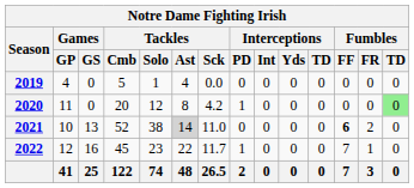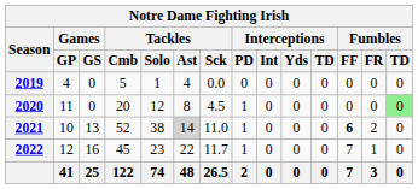 <table class="wikitable" style="text-align:center;">
 <tr>
 <th colspan="14">Notre Dame Fighting Irish</th>
 </tr>
 <tr>
 <th rowspan="2">Season</th>
 <th colspan="2">Games</th>
 <th colspan="4">Tackles</th>
 <th colspan="4">Interceptions</th>
 <th colspan="3">Fumbles</th>
 </tr>
 <tr>
 <th>GP</th>
 <th>GS</th>
 <th>Cmb</th>
 <th>Solo</th>
 <th>Ast</th>
 <th>Sck</th>
 <th>PD</th>
 <th>Int</th>
 <th>Yds</th>
 <th>TD</th>
 <th>FF</th>
 <th>FR</th>
 <th>TD</th>
 </tr>
 <tr>
 <th><a href='#'>2019</a></th>
 <td>4</td>
 <td>0</td>
 <td>5</td>
 <td>1</td>
 <td>4</td>
 <td>0.0</td>
 <td>0</td>
 <td>0</td>
 <td>0</td>
 <td>0</td>
 <td>0</td>
 <td>0</td>
 <td>0</td>
 </tr>
 <tr>
 <th><a href='#'>2020</a></th>
 <td>11</td>
 <td>0</td>
 <td>20</td>
 <td>12</td>
 <td>8</td>
-<td>4.2</td>
+<td>4.5</td>
 <td>1</td>
 <td>0</td>
 <td>0</td>
 <td>0</td>
 <td>0</td>
 <td>0</td>
 <td style="background: lightgreen;">0</td>
 </tr>
 <tr>
 <th><a href='#'>2021</a></th>
 <td>10</td>
 <td>13</td>
 <td>52</td>
 <td>38</td>
 <td style="background: lightgrey;">14</td>
 <td>11.0</td>
-<td>0</td>
+<td>1</td>
 <td>0</td>
 <td>0</td>
 <td>0</td>
 <td><strong>6</strong></td>
 <td>2</td>
 <td>0</td>
 </tr>
 <tr>
 <th><a href='#'>2022</a></th>
 <td>12</td>
 <td>16</td>
 <td>45</td>
 <td>23</td>
 <td>22</td>
 <td>11.7</td>
 <td>1</td>
 <td>0</td>
 <td>0</td>
 <td>0</td>
 <td>7</td>
 <td>1</td>
 <td>0</td>
 </tr>
 <tr>
 <th></th>
 <th>41</th>
 <th>25</th>
 <th>122</th>
 <th>74</th>
 <th>48</th>
 <th>26.5</th>
 <th>2</th>
 <th>0</th>
 <th>0</th>
 <th>0</th>
 <th>7</th>
 <th>3</th>
 <th>0</th>
 </tr>
 </table>
